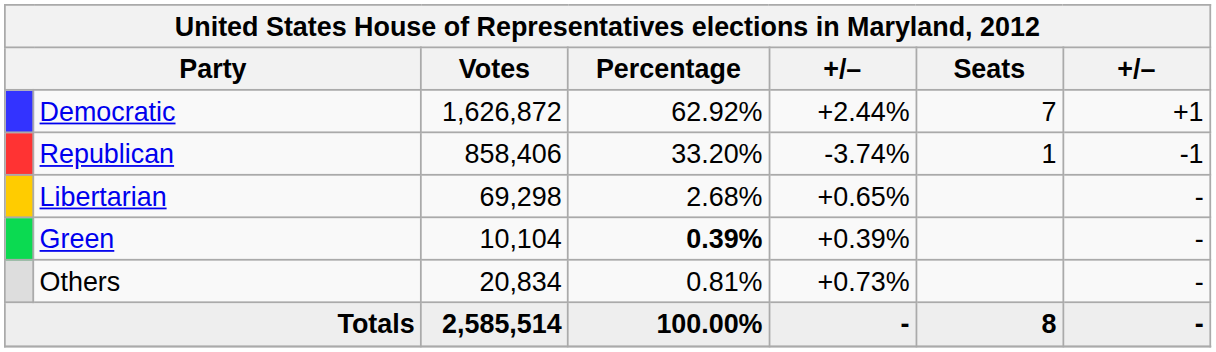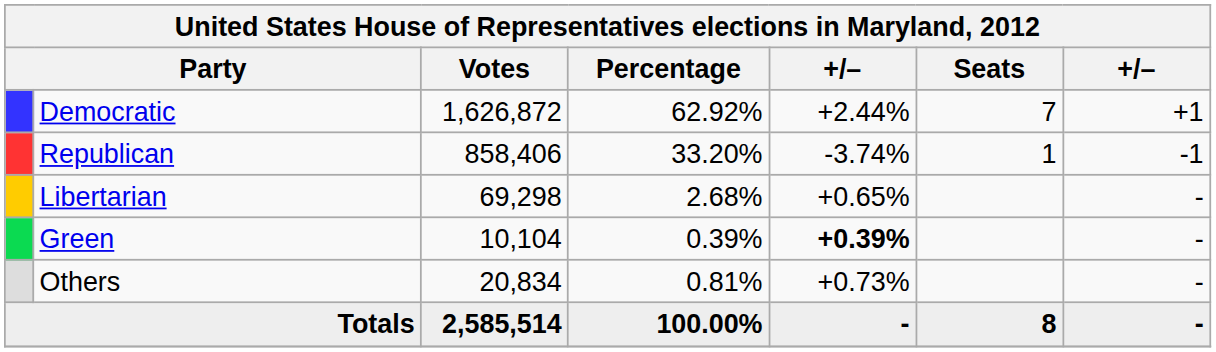 <table class="wikitable" style="font-size: 95%;">
 <tr>
 <th colspan="7">United States House of Representatives elections in Maryland, 2012</th>
 </tr>
 <tr>
 <th colspan=2 style="width: 15em">Party</th>
 <th style="width: 5em">Votes</th>
 <th style="width: 7em">Percentage</th>
 <th style="width: 5em">+/–</th>
 <th style="width: 5em">Seats</th>
 <th style="width: 5em">+/–</th>
 </tr>
 <tr>
 <th style="background-color:#3333FF; width: 3px"></th>
 <td style="width: 130px"><a href='#'>Democratic</a></td>
 <td align="right">1,626,872</td>
 <td align="right">62.92%</td>
 <td align="right">+2.44%</td>
 <td align="right">7</td>
 <td align="right">+1</td>
 </tr>
 <tr>
 <th style="background-color:#FF3333; width: 3px"></th>
 <td style="width: 130px"><a href='#'>Republican</a></td>
 <td align="right">858,406</td>
 <td align="right">33.20%</td>
 <td align="right">-3.74%</td>
 <td align="right">1</td>
 <td align="right">-1</td>
 </tr>
 <tr>
 <th style="background-color:#FFCC00; width: 3px"></th>
 <td style="width: 130px"><a href='#'>Libertarian</a></td>
 <td align="right">69,298</td>
 <td align="right">2.68%</td>
 <td align="right">+0.65%</td>
 <td align="right"></td>
 <td align="right">-</td>
 </tr>
 <tr>
 <th style="background-color:#0BDA51; width: 3px"></th>
 <td style="width: 130px"><a href='#'>Green</a></td>
 <td align="right">10,104</td>
-<td align="right"><strong>0.39%</strong></td>
-<td align="right">+0.39%</td>
+<td align="right">0.39%</td>
+<td align="right"><strong>+0.39%</strong></td>
 <td align="right"></td>
 <td align="right">-</td>
 </tr>
 <tr>
 <th style="background-color:#DDDDDD; width: 3px"></th>
 <td style="width: 130px">Others</td>
 <td align="right">20,834</td>
 <td align="right">0.81%</td>
 <td align="right">+0.73%</td>
 <td align="right"></td>
 <td align="right">-</td>
 </tr>
 <tr bgcolor="#EEEEEE">
 <td colspan="2" align="right"><strong>Totals</strong></td>
 <td align="right"><strong>2,585,514</strong></td>
 <td align="right"><strong>100.00%</strong></td>
 <td align="right"><strong>-</strong></td>
 <td align="right"><strong>8</strong></td>
 <td align="right"><strong>-</strong></td>
 </tr>
 <tr bgcolor="#EEEEEE">
 </tr>
 </table>
